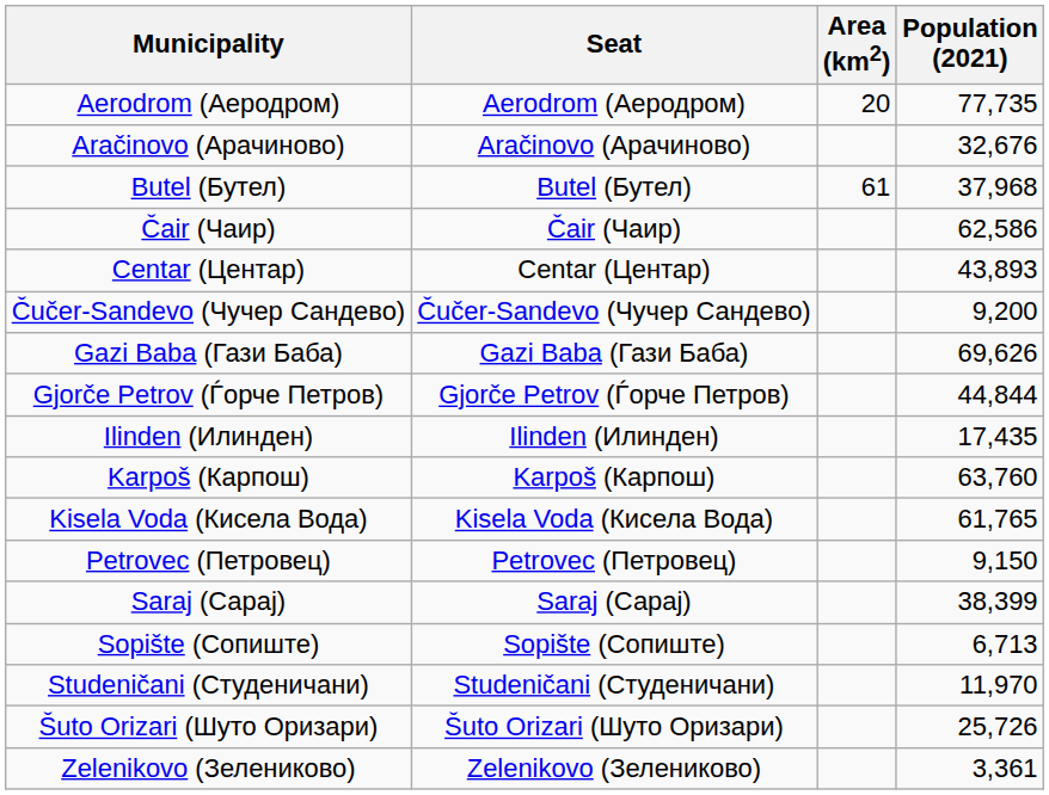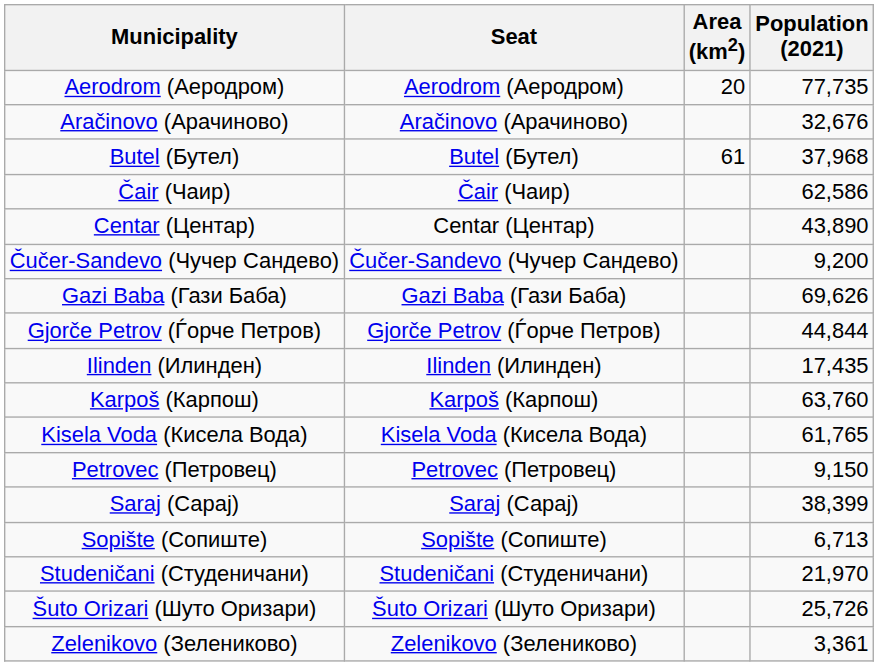 <table class="wikitable" style="text-align:center;" style="font-size: 85%">
 <tr>
 <th>Municipality</th>
 <th>Seat</th>
 <th>Area<br>(km<sup>2</sup>)</th>
 <th>Population<br>(2021)</th>
 </tr>
 <tr>
 <td><a href='#'>Aerodrom</a> (Аеродром)</td>
 <td><a href='#'>Aerodrom</a> (Аеродром)</td>
 <td style="text-align: right;">20</td>
 <td style="text-align: right;">77,735</td>
 </tr>
 <tr>
 <td><a href='#'>Aračinovo</a> (Арачиново)</td>
 <td><a href='#'>Aračinovo</a> (Арачиново)</td>
 <td style="text-align: right;"></td>
 <td style="text-align: right;">32,676</td>
 </tr>
 <tr>
 <td><a href='#'>Butel</a> (Бутел)</td>
 <td><a href='#'>Butel</a> (Бутел)</td>
 <td style="text-align: right;">61</td>
 <td style="text-align: right;">37,968</td>
 </tr>
 <tr>
 <td><a href='#'>Čair</a> (Чаир)</td>
 <td><a href='#'>Čair</a> (Чаир)</td>
 <td style="text-align: right;"></td>
 <td style="text-align: right;">62,586</td>
 </tr>
 <tr>
 <td><a href='#'>Centar</a> (Центар)</td>
 <td>Centar (Центар)</td>
 <td style="text-align: right;"></td>
-<td style="text-align: right;">43,893</td>
+<td style="text-align: right;">43,890</td>
 </tr>
 <tr>
 <td><a href='#'>Čučer-Sandevo</a> (Чучер Сандево)</td>
 <td><a href='#'>Čučer-Sandevo</a> (Чучер Сандево)</td>
 <td style="text-align: right;"></td>
 <td style="text-align: right;">9,200</td>
 </tr>
 <tr>
 <td><a href='#'>Gazi Baba</a> (Гази Баба)</td>
 <td><a href='#'>Gazi Baba</a> (Гази Баба)</td>
 <td style="text-align: right;"></td>
 <td style="text-align: right;">69,626</td>
 </tr>
 <tr>
 <td><a href='#'>Gjorče Petrov</a> (Ѓорче Петров)</td>
 <td><a href='#'>Gjorče Petrov</a> (Ѓорче Петров)</td>
 <td style="text-align: right;"></td>
 <td style="text-align: right;">44,844</td>
 </tr>
 <tr>
 <td><a href='#'>Ilinden</a> (Илинден)</td>
 <td><a href='#'>Ilinden</a> (Илинден)</td>
 <td style="text-align: right;"></td>
 <td style="text-align: right;">17,435</td>
 </tr>
 <tr>
 <td><a href='#'>Karpoš</a> (Карпош)</td>
 <td><a href='#'>Karpoš</a> (Карпош)</td>
 <td style="text-align: right;"></td>
 <td style="text-align: right;">63,760</td>
 </tr>
 <tr>
 <td><a href='#'>Kisela Voda</a> (Кисела Вода)</td>
 <td><a href='#'>Kisela Voda</a> (Кисела Вода)</td>
 <td style="text-align: right;"></td>
 <td style="text-align: right;">61,765</td>
 </tr>
 <tr>
 <td><a href='#'>Petrovec</a> (Петровец)</td>
 <td><a href='#'>Petrovec</a> (Петровец)</td>
 <td style="text-align: right;"></td>
 <td style="text-align: right;">9,150</td>
 </tr>
 <tr>
 <td><a href='#'>Saraj</a> (Сарај)</td>
 <td><a href='#'>Saraj</a> (Сарај)</td>
 <td style="text-align: right;"></td>
 <td style="text-align: right;">38,399</td>
 </tr>
 <tr>
 <td><a href='#'>Sopište</a> (Сопиште)</td>
 <td><a href='#'>Sopište</a> (Сопиште)</td>
 <td style="text-align: right;"></td>
 <td style="text-align: right;">6,713</td>
 </tr>
 <tr>
 <td><a href='#'>Studeničani</a> (Студеничани)</td>
 <td><a href='#'>Studeničani</a> (Студеничани)</td>
 <td style="text-align: right;"></td>
-<td style="text-align: right;">11,970</td>
+<td style="text-align: right;">21,970</td>
 </tr>
 <tr>
 <td><a href='#'>Šuto Orizari</a> (Шуто Оризари)</td>
 <td><a href='#'>Šuto Orizari</a> (Шуто Оризари)</td>
 <td style="text-align: right;"></td>
 <td style="text-align: right;">25,726</td>
 </tr>
 <tr>
 <td><a href='#'>Zelenikovo</a> (Зелениково)</td>
 <td><a href='#'>Zelenikovo</a> (Зелениково)</td>
 <td style="text-align: right;"></td>
 <td style="text-align: right;">3,361</td>
 </tr>
 </table>
